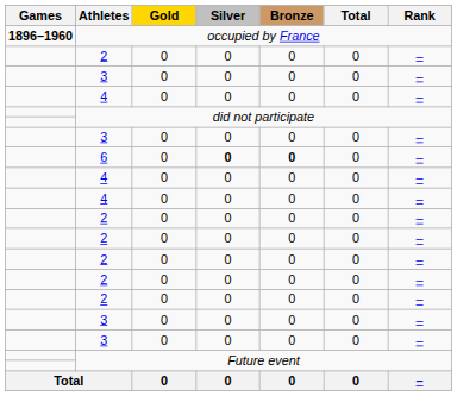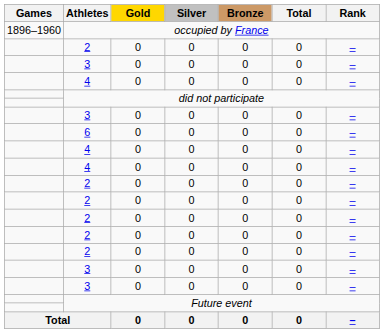 <table class="wikitable" style="text-align:center; font-size:90%;">
 <tr>
 <th>Games</th>
 <th>Athletes</th>
 <td style="background:gold; width:4.5em; font-weight:bold;">Gold</td>
 <td style="background:silver; width:4.5em; font-weight:bold;">Silver</td>
 <td style="background:#cc9966; width:4.5em; font-weight:bold;">Bronze</td>
 <th style="width:4.5em; font-weight:bold;">Total</th>
 <th style="width:4.5em; font-weight:bold;">Rank</th>
 </tr>
 <tr>
-<td align=left><strong>1896–1960</strong></td>
+<td align=left>1896–1960</td>
 <td colspan=6><em>occupied by  <a href='#'>France</a></em></td>
 </tr>
 <tr>
 <td align=left></td>
 <td><a href='#'>2</a></td>
 <td>0</td>
 <td>0</td>
 <td>0</td>
 <td>0</td>
 <td><a href='#'>–</a></td>
 </tr>
 <tr>
 <td align=left></td>
 <td><a href='#'>3</a></td>
 <td>0</td>
 <td>0</td>
 <td>0</td>
 <td>0</td>
 <td><a href='#'>–</a></td>
 </tr>
 <tr>
 <td align=left></td>
 <td><a href='#'>4</a></td>
 <td>0</td>
 <td>0</td>
 <td>0</td>
 <td>0</td>
 <td><a href='#'>–</a></td>
 </tr>
 <tr>
 <td align=left></td>
 <td colspan=6; rowspan=2><em>did not participate</em></td>
 </tr>
 <tr>
 <td align=left></td>
 </tr>
 <tr>
 <td align=left></td>
 <td><a href='#'>3</a></td>
 <td>0</td>
 <td>0</td>
 <td>0</td>
 <td>0</td>
 <td><a href='#'>–</a></td>
 </tr>
 <tr>
 <td align=left></td>
 <td><a href='#'>6</a></td>
 <td>0</td>
-<td><strong>0</strong></td>
-<td><strong>0</strong></td>
+<td>0</td>
+<td>0</td>
 <td>0</td>
 <td><a href='#'>–</a></td>
 </tr>
 <tr>
 <td align=left></td>
 <td><a href='#'>4</a></td>
 <td>0</td>
 <td>0</td>
 <td>0</td>
 <td>0</td>
 <td><a href='#'>–</a></td>
 </tr>
 <tr>
 <td align=left></td>
 <td><a href='#'>4</a></td>
 <td>0</td>
 <td>0</td>
 <td>0</td>
 <td>0</td>
 <td><a href='#'>–</a></td>
 </tr>
 <tr>
 <td align=left></td>
 <td><a href='#'>2</a></td>
 <td>0</td>
 <td>0</td>
 <td>0</td>
 <td>0</td>
 <td><a href='#'>–</a></td>
 </tr>
 <tr>
 <td align=left></td>
 <td><a href='#'>2</a></td>
 <td>0</td>
 <td>0</td>
 <td>0</td>
 <td>0</td>
 <td><a href='#'>–</a></td>
 </tr>
 <tr>
 <td align=left></td>
 <td><a href='#'>2</a></td>
 <td>0</td>
 <td>0</td>
 <td>0</td>
 <td>0</td>
 <td><a href='#'>–</a></td>
 </tr>
 <tr>
 <td align=left></td>
 <td><a href='#'>2</a></td>
 <td>0</td>
 <td>0</td>
 <td>0</td>
 <td>0</td>
 <td><a href='#'>–</a></td>
 </tr>
 <tr>
 <td align=left></td>
 <td><a href='#'>2</a></td>
 <td>0</td>
 <td>0</td>
 <td>0</td>
 <td>0</td>
 <td><a href='#'>–</a></td>
 </tr>
 <tr>
 <td align=left></td>
 <td><a href='#'>3</a></td>
 <td>0</td>
 <td>0</td>
 <td>0</td>
 <td>0</td>
 <td><a href='#'>–</a></td>
 </tr>
 <tr>
 <td align=left></td>
 <td><a href='#'>3</a></td>
 <td>0</td>
 <td>0</td>
 <td>0</td>
 <td>0</td>
 <td><a href='#'>–</a></td>
 </tr>
 <tr>
 <td align=left></td>
 <td colspan=6; rowspan=2><em>Future event</em></td>
 </tr>
 <tr>
 <td align=left></td>
 </tr>
 <tr>
 <th colspan=2>Total</th>
 <th>0</th>
 <th>0</th>
 <th>0</th>
 <th>0</th>
 <th><a href='#'>–</a></th>
 </tr>
 </table>
